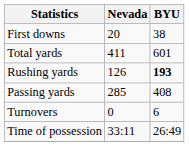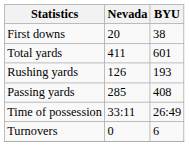 <table class="wikitable">
 <tr>
 <th>Statistics</th>
 <th>Nevada</th>
 <th>BYU</th>
 </tr>
 <tr>
 <td>First downs</td>
 <td>20</td>
 <td>38</td>
 </tr>
 <tr>
 <td>Total yards</td>
 <td>411</td>
 <td>601</td>
 </tr>
 <tr>
 <td>Rushing yards</td>
 <td>126</td>
-<td><strong>193</strong></td>
+<td>193</td>
 </tr>
 <tr>
 <td>Passing yards</td>
 <td>285</td>
 <td>408</td>
 </tr>
 <tr>
+<td>Time of possession</td>
+<td>33:11</td>
+<td>26:49</td>
+</tr>
+<tr>
 <td>Turnovers</td>
 <td>0</td>
 <td>6</td>
 </tr>
 <tr>
-<td>Time of possession</td>
-<td>33:11</td>
-<td>26:49</td>
-</tr>
-<tr>
 </tr>
 </table>
